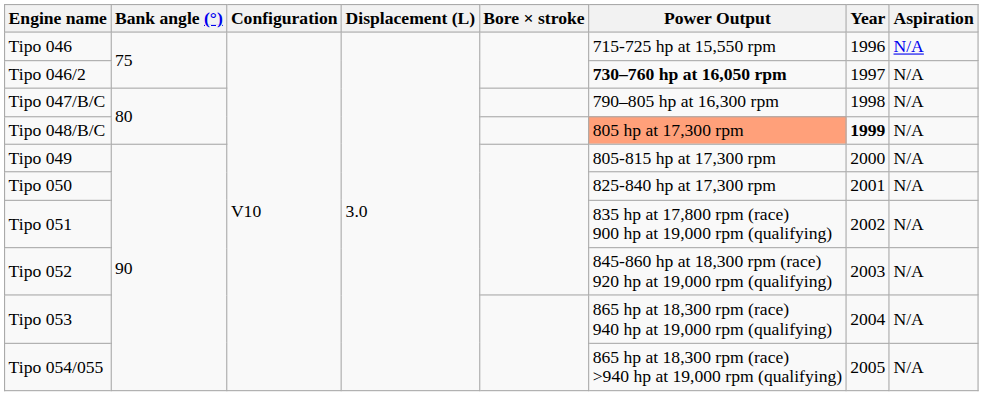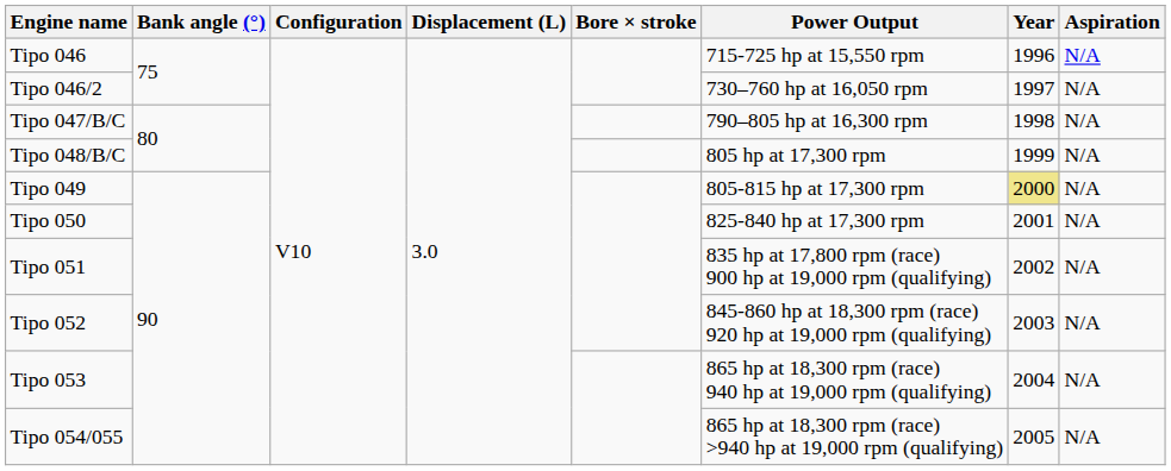 <table class="wikitable sortable defaultcenter col1left">
 <tr>
 <th>Engine name</th>
 <th>Bank angle <a href='#'>(°)</a></th>
 <th>Configuration</th>
 <th>Displacement (L)</th>
 <th>Bore × stroke</th>
 <th>Power Output</th>
 <th>Year</th>
 <th>Aspiration</th>
 </tr>
 <tr>
 <td>Tipo 046</td>
 <td rowspan="2">75</td>
 <td rowspan="10">V10</td>
 <td rowspan="10">3.0</td>
 <td rowspan="2"></td>
 <td>715-725 hp at 15,550 rpm</td>
 <td>1996</td>
 <td><a href='#'>N/A</a></td>
 </tr>
 <tr>
 <td>Tipo 046/2</td>
-<td><strong>730–760 hp at 16,050 rpm</strong></td>
+<td>730–760 hp at 16,050 rpm</td>
 <td>1997</td>
 <td>N/A</td>
 </tr>
 <tr>
 <td>Tipo 047/B/C</td>
 <td rowspan="2">80</td>
 <td></td>
 <td>790–805 hp at 16,300 rpm</td>
 <td>1998</td>
 <td>N/A</td>
 </tr>
 <tr>
 <td>Tipo 048/B/C</td>
 <td></td>
-<td style="background: lightsalmon;">805 hp at 17,300 rpm</td>
-<td><strong>1999</strong></td>
+<td>805 hp at 17,300 rpm</td>
+<td>1999</td>
 <td>N/A</td>
 </tr>
 <tr>
 <td>Tipo 049</td>
 <td rowspan="6">90</td>
 <td rowspan="4"></td>
 <td>805-815 hp at 17,300 rpm</td>
-<td>2000</td>
+<td style="background: khaki;">2000</td>
 <td>N/A</td>
 </tr>
 <tr>
 <td>Tipo 050</td>
 <td>825-840 hp at 17,300 rpm</td>
 <td>2001</td>
 <td>N/A</td>
 </tr>
 <tr>
 <td>Tipo 051</td>
 <td>835 hp at 17,800 rpm (race)<br> 900 hp at 19,000 rpm (qualifying)</td>
 <td>2002</td>
 <td>N/A</td>
 </tr>
 <tr>
 <td>Tipo 052</td>
 <td>845-860 hp at 18,300 rpm (race)<br> 920 hp at 19,000 rpm (qualifying)</td>
 <td>2003</td>
 <td>N/A</td>
 </tr>
 <tr>
 <td>Tipo 053</td>
 <td rowspan="2"></td>
 <td>865 hp at 18,300 rpm (race)<br> 940 hp at 19,000 rpm (qualifying)</td>
 <td>2004</td>
 <td>N/A</td>
 </tr>
 <tr>
 <td>Tipo 054/055</td>
 <td>865 hp at 18,300 rpm (race)<br> >940 hp at 19,000 rpm (qualifying)</td>
 <td>2005</td>
 <td>N/A</td>
 </tr>
 </table>
